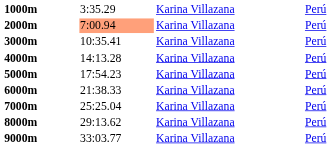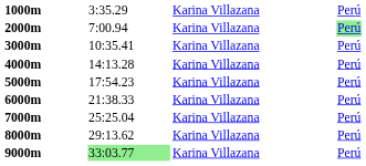 <table>
 <tr>
 <th width=100></th>
 <th width=100></th>
 <th width=200></th>
 <th></th>
 </tr>
 <tr>
 <td><strong>1000m</strong></td>
 <td>3:35.29</td>
 <td align=left><a href='#'>Karina Villazana</a></td>
 <td> <a href='#'>Perú</a></td>
 </tr>
 <tr>
 <td><strong>2000m</strong></td>
-<td style="background: lightsalmon;">7:00.94</td>
+<td>7:00.94</td>
 <td align=left><a href='#'>Karina Villazana</a></td>
-<td> <a href='#'>Perú</a></td>
+<td style="background: lightgreen;"> <a href='#'>Perú</a></td>
 </tr>
 <tr>
 <td><strong>3000m</strong></td>
 <td>10:35.41</td>
 <td align=left><a href='#'>Karina Villazana</a></td>
 <td> <a href='#'>Perú</a></td>
 </tr>
 <tr>
 <td><strong>4000m</strong></td>
 <td>14:13.28</td>
 <td align=left><a href='#'>Karina Villazana</a></td>
 <td> <a href='#'>Perú</a></td>
 </tr>
 <tr>
 <td><strong>5000m</strong></td>
 <td>17:54.23</td>
 <td align=left><a href='#'>Karina Villazana</a></td>
 <td> <a href='#'>Perú</a></td>
 </tr>
 <tr>
 <td><strong>6000m</strong></td>
 <td>21:38.33</td>
 <td align=left><a href='#'>Karina Villazana</a></td>
 <td> <a href='#'>Perú</a></td>
 </tr>
 <tr>
 <td><strong>7000m</strong></td>
 <td>25:25.04</td>
 <td align=left><a href='#'>Karina Villazana</a></td>
 <td> <a href='#'>Perú</a></td>
 </tr>
 <tr>
 <td><strong>8000m</strong></td>
 <td>29:13.62</td>
 <td align=left><a href='#'>Karina Villazana</a></td>
 <td> <a href='#'>Perú</a></td>
 </tr>
 <tr>
 <td><strong>9000m</strong></td>
-<td>33:03.77</td>
+<td style="background: lightgreen;">33:03.77</td>
 <td align=left><a href='#'>Karina Villazana</a></td>
 <td> <a href='#'>Perú</a></td>
 </tr>
 </table>
